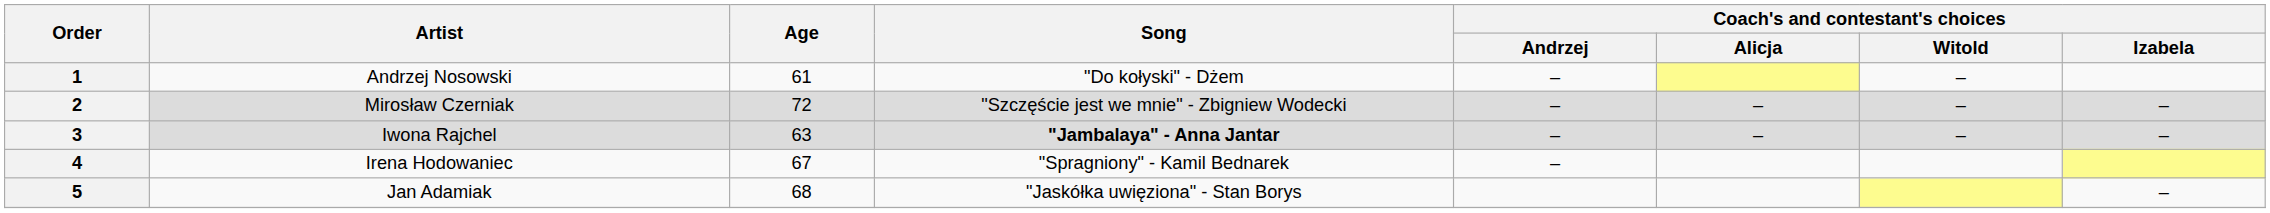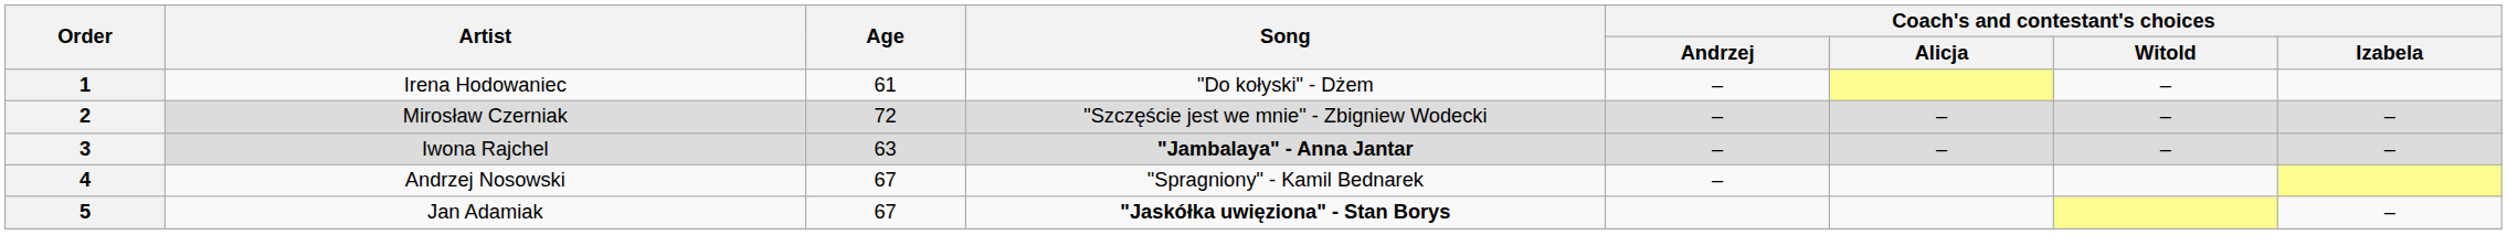 <table class="wikitable" style="text-align:center; width:100%;">
 <tr>
 <th scope="col" rowspan="2" style="width:05%;">Order</th>
 <th scope="col" rowspan="2" style="width:20%;">Artist</th>
 <th scope="col" rowspan="2" style="width:05%;">Age</th>
 <th scope="col" rowspan="2" style="width:20%;">Song</th>
 <th scope="col" colspan="4" style="width:32%;">Coach's and contestant's choices</th>
 </tr>
 <tr>
 <th style="width:07%;">Andrzej</th>
 <th style="width:07%;">Alicja</th>
 <th style="width:07%;">Witold</th>
 <th style="width:07%;">Izabela</th>
 </tr>
 <tr>
 <th>1</th>
-<td>Andrzej Nosowski</td>
+<td>Irena Hodowaniec</td>
 <td>61</td>
 <td>"Do kołyski" - Dżem</td>
 <td>–</td>
 <td style="background:#fdfc8f;"><strong></strong></td>
 <td>–</td>
 <td><strong></strong></td>
 </tr>
 <tr>
 <th>2</th>
 <td style="background:#dcdcdc;">Mirosław Czerniak</td>
 <td style="background:#dcdcdc;">72</td>
 <td style="background:#dcdcdc;">"Szczęście jest we mnie" - Zbigniew Wodecki</td>
 <td style="background:#dcdcdc;">–</td>
 <td style="background:#dcdcdc;">–</td>
 <td style="background:#dcdcdc;">–</td>
 <td style="background:#dcdcdc;">–</td>
 </tr>
 <tr>
 <th>3</th>
 <td style="background:#dcdcdc;">Iwona Rajchel</td>
 <td style="background:#dcdcdc;">63</td>
 <td style="background:#dcdcdc;"><strong>"Jambalaya" - Anna Jantar</strong></td>
 <td style="background:#dcdcdc;">–</td>
 <td style="background:#dcdcdc;">–</td>
 <td style="background:#dcdcdc;">–</td>
 <td style="background:#dcdcdc;">–</td>
 </tr>
 <tr>
 <th>4</th>
-<td>Irena Hodowaniec</td>
+<td>Andrzej Nosowski</td>
 <td>67</td>
 <td>"Spragniony" - Kamil Bednarek</td>
 <td>–</td>
 <td><strong></strong></td>
 <td><strong></strong></td>
 <td style="background:#fdfc8f;"><strong></strong></td>
 </tr>
 <tr>
 <th>5</th>
 <td>Jan Adamiak</td>
-<td>68</td>
-<td>"Jaskółka uwięziona" - Stan Borys</td>
+<td>67</td>
+<td><strong>"Jaskółka uwięziona" - Stan Borys</strong></td>
 <td><strong></strong></td>
 <td><strong></strong></td>
 <td style="background:#fdfc8f;"><strong></strong></td>
 <td>–</td>
 </tr>
 <tr>
 </tr>
 </table>
